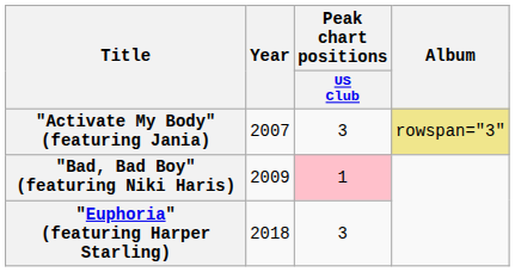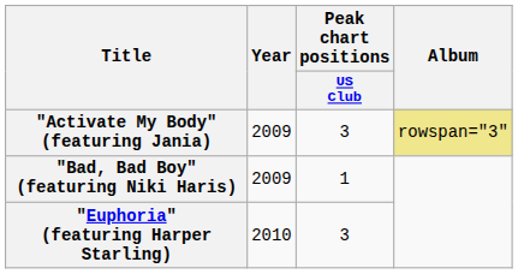 <table class="wikitable plainrowheaders" style="text-align:center;">
 <tr>
 <th scope="col" rowspan="2" style="width:14em;">Title</th>
 <th scope="col" rowspan="2" style="width:1em;">Year</th>
 <th scope="col">Peak chart positions</th>
 <th scope="col" rowspan="2" style="width:3em;">Album</th>
 </tr>
 <tr>
 <th scope="col" style="width:3em;font-size:85%;"><a href='#'>US<br>Club</a><br></th>
 </tr>
 <tr>
 <th scope="row">"Activate My Body"<br><span>(featuring Jania)</span></th>
-<td>2007</td>
+<td>2009</td>
 <td>3</td>
 <td style="background: khaki;">rowspan="3" </td>
 </tr>
 <tr>
 <th scope="row">"Bad, Bad Boy"<br><span>(featuring Niki Haris)</span></th>
 <td>2009</td>
-<td style="background: pink;">1</td>
+<td>1</td>
 </tr>
 <tr>
 <th scope="row">"<a href='#'>Euphoria</a>"<br><span>(featuring Harper Starling)</span></th>
-<td>2018</td>
+<td>2010</td>
 <td>3</td>
 </tr>
 </table>
